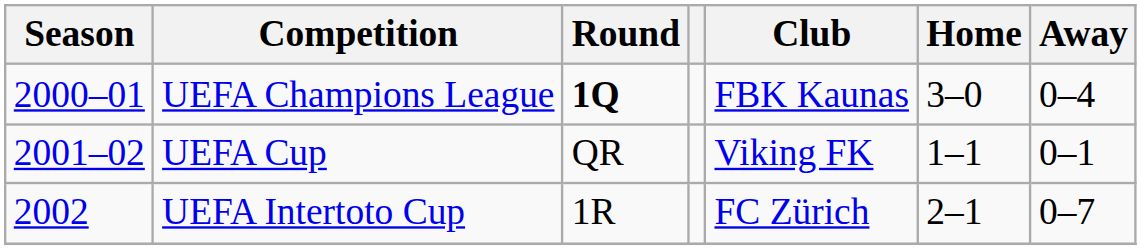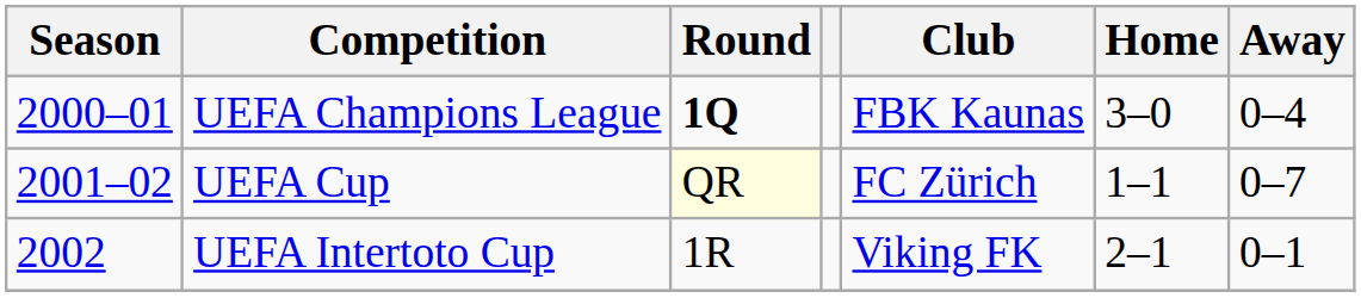 <table class="wikitable">
 <tr>
 <th>Season</th>
 <th>Competition</th>
 <th>Round</th>
 <th></th>
 <th>Club</th>
 <th>Home</th>
 <th>Away</th>
 </tr>
 <tr>
 <td><a href='#'>2000–01</a></td>
 <td><a href='#'>UEFA Champions League</a></td>
 <td><strong>1Q</strong></td>
 <td></td>
 <td><a href='#'>FBK Kaunas</a></td>
 <td>3–0</td>
 <td>0–4</td>
 </tr>
 <tr>
 <td><a href='#'>2001–02</a></td>
 <td><a href='#'>UEFA Cup</a></td>
-<td>QR</td>
+<td style="background: lightyellow;">QR</td>
 <td></td>
-<td><a href='#'>Viking FK</a></td>
+<td><a href='#'>FC Zürich</a></td>
 <td>1–1</td>
-<td>0–1</td>
+<td>0–7</td>
 </tr>
 <tr>
 <td><a href='#'>2002</a></td>
 <td><a href='#'>UEFA Intertoto Cup</a></td>
 <td>1R</td>
 <td></td>
-<td><a href='#'>FC Zürich</a></td>
+<td><a href='#'>Viking FK</a></td>
 <td>2–1</td>
-<td>0–7</td>
+<td>0–1</td>
 </tr>
 <tr>
 </tr>
 </table>
